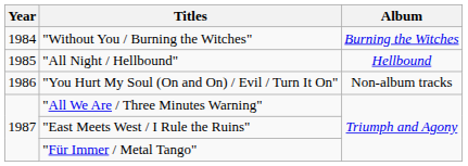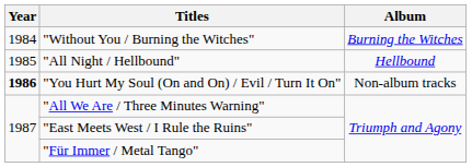 <table class="wikitable">
 <tr>
 <th>Year</th>
 <th>Titles</th>
 <th>Album</th>
 </tr>
 <tr>
 <td>1984</td>
 <td>"Without You / Burning the Witches"</td>
 <td style="text-align:center;"><em><a href='#'>Burning the Witches</a></em></td>
 </tr>
 <tr>
 <td>1985</td>
 <td>"All Night / Hellbound"</td>
 <td style="text-align:center;"><em><a href='#'>Hellbound</a></em></td>
 </tr>
 <tr>
-<td>1986</td>
+<td><strong>1986</strong></td>
 <td>"You Hurt My Soul (On and On) / Evil / Turn It On"</td>
 <td style="text-align:center;">Non-album tracks</td>
 </tr>
 <tr>
 <td rowspan="3">1987</td>
 <td>"<a href='#'>All We Are</a> / Three Minutes Warning"</td>
 <td style="text-align:center;" rowspan="3"><em><a href='#'>Triumph and Agony</a></em></td>
 </tr>
 <tr>
 <td>"East Meets West / I Rule the Ruins"</td>
 </tr>
 <tr>
 <td>"<a href='#'>Für Immer</a> / Metal Tango"</td>
 </tr>
 </table>
